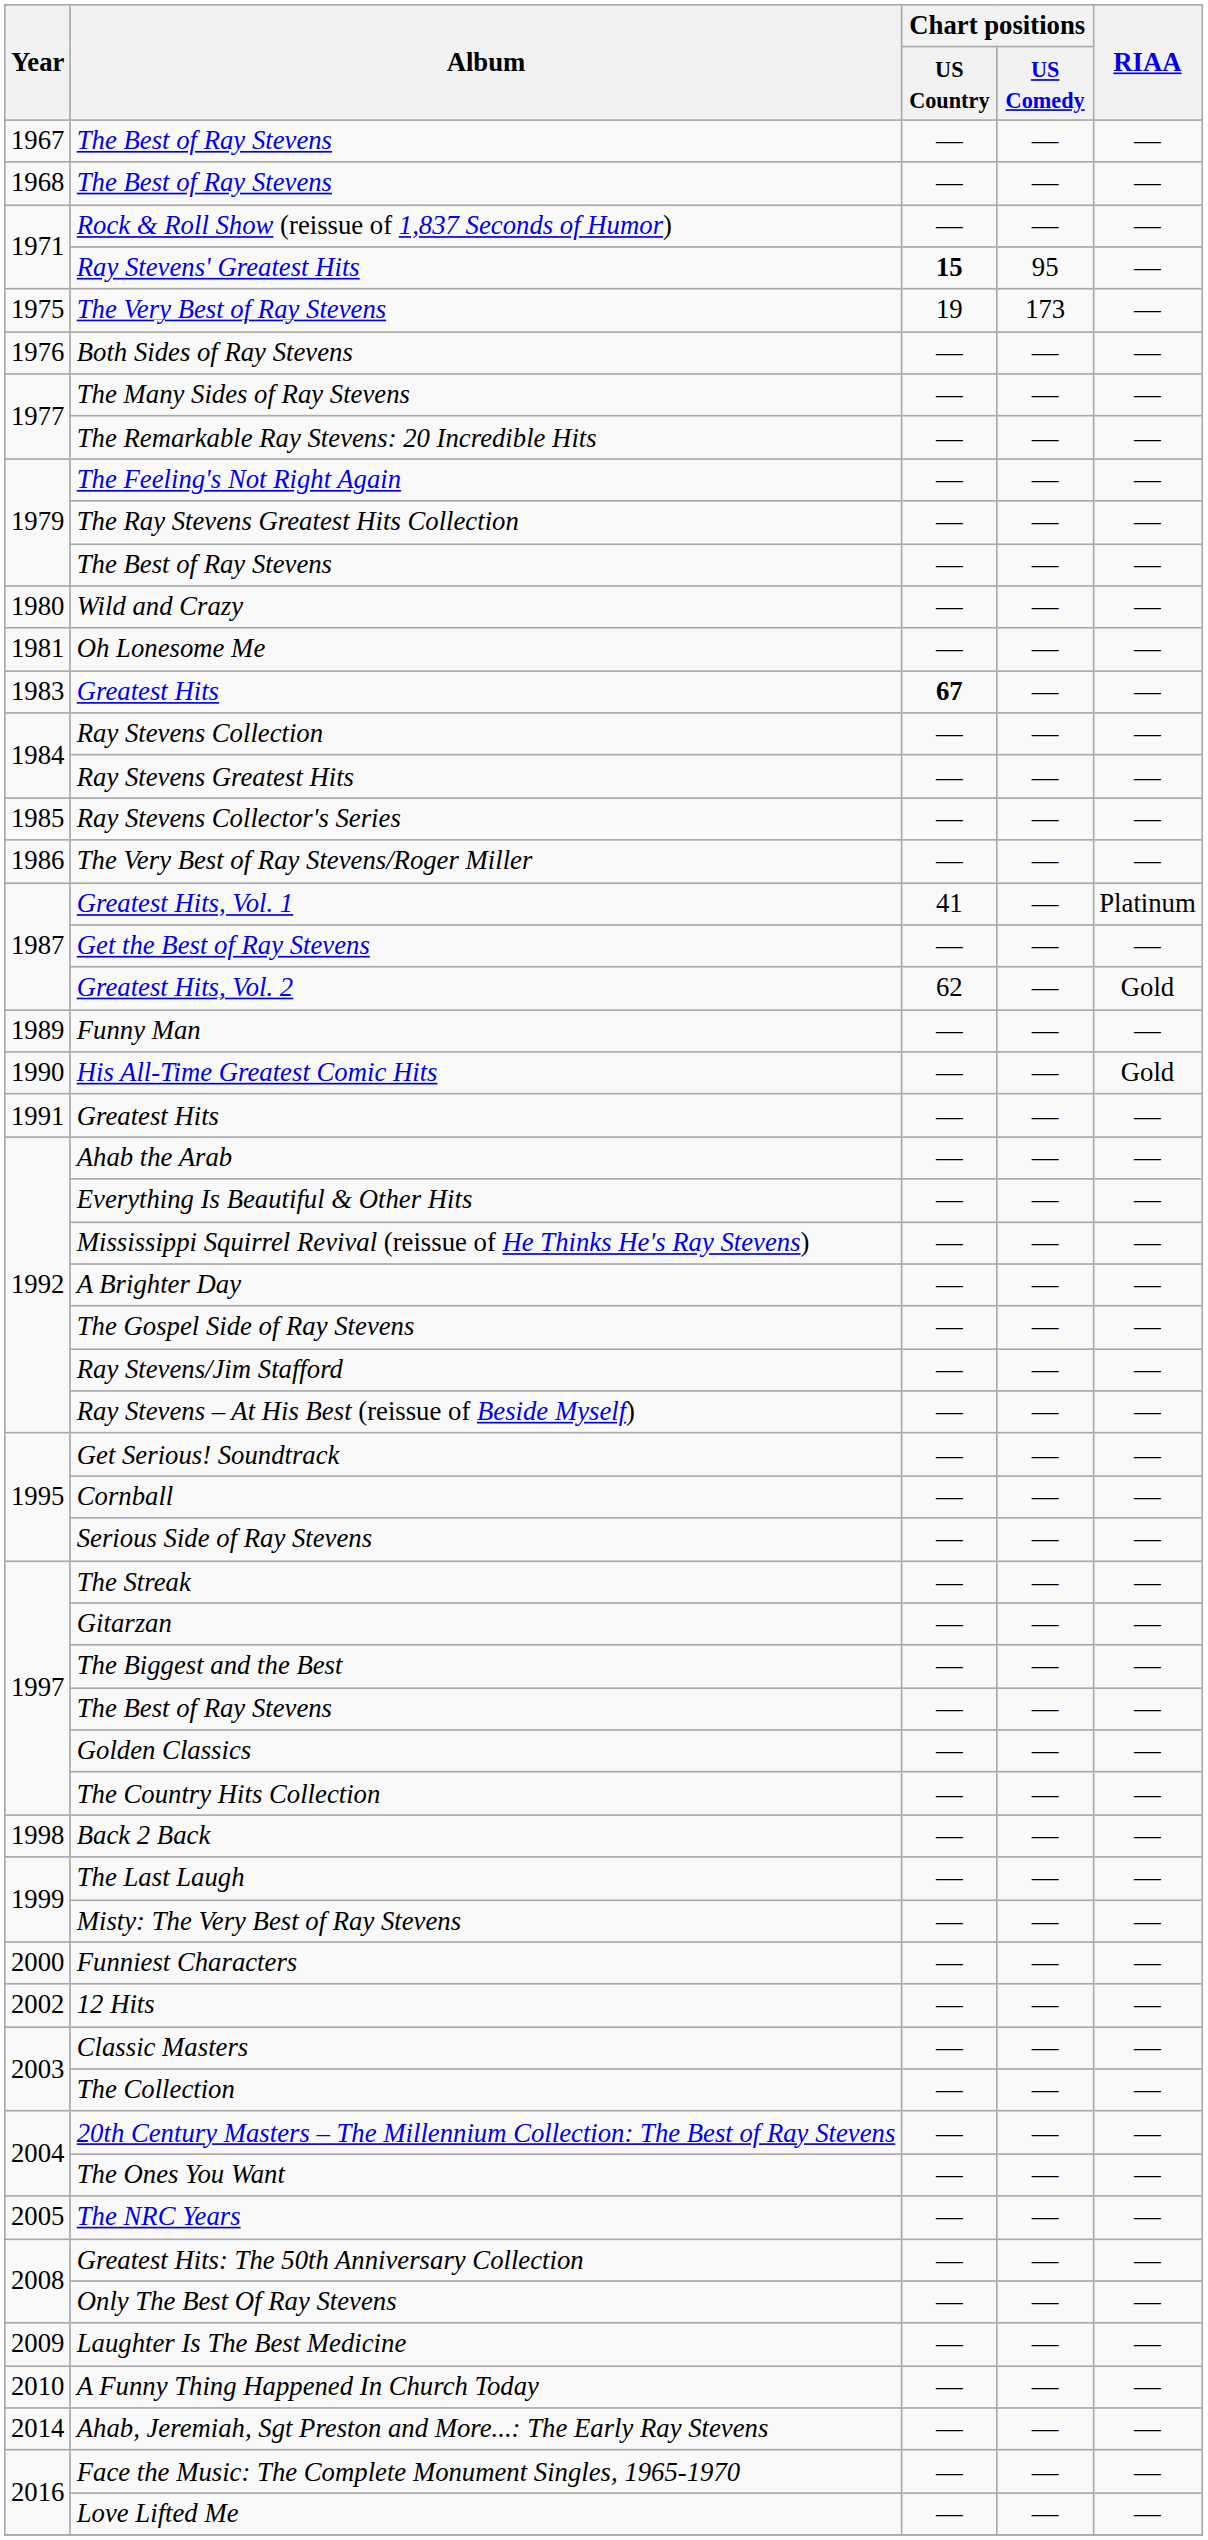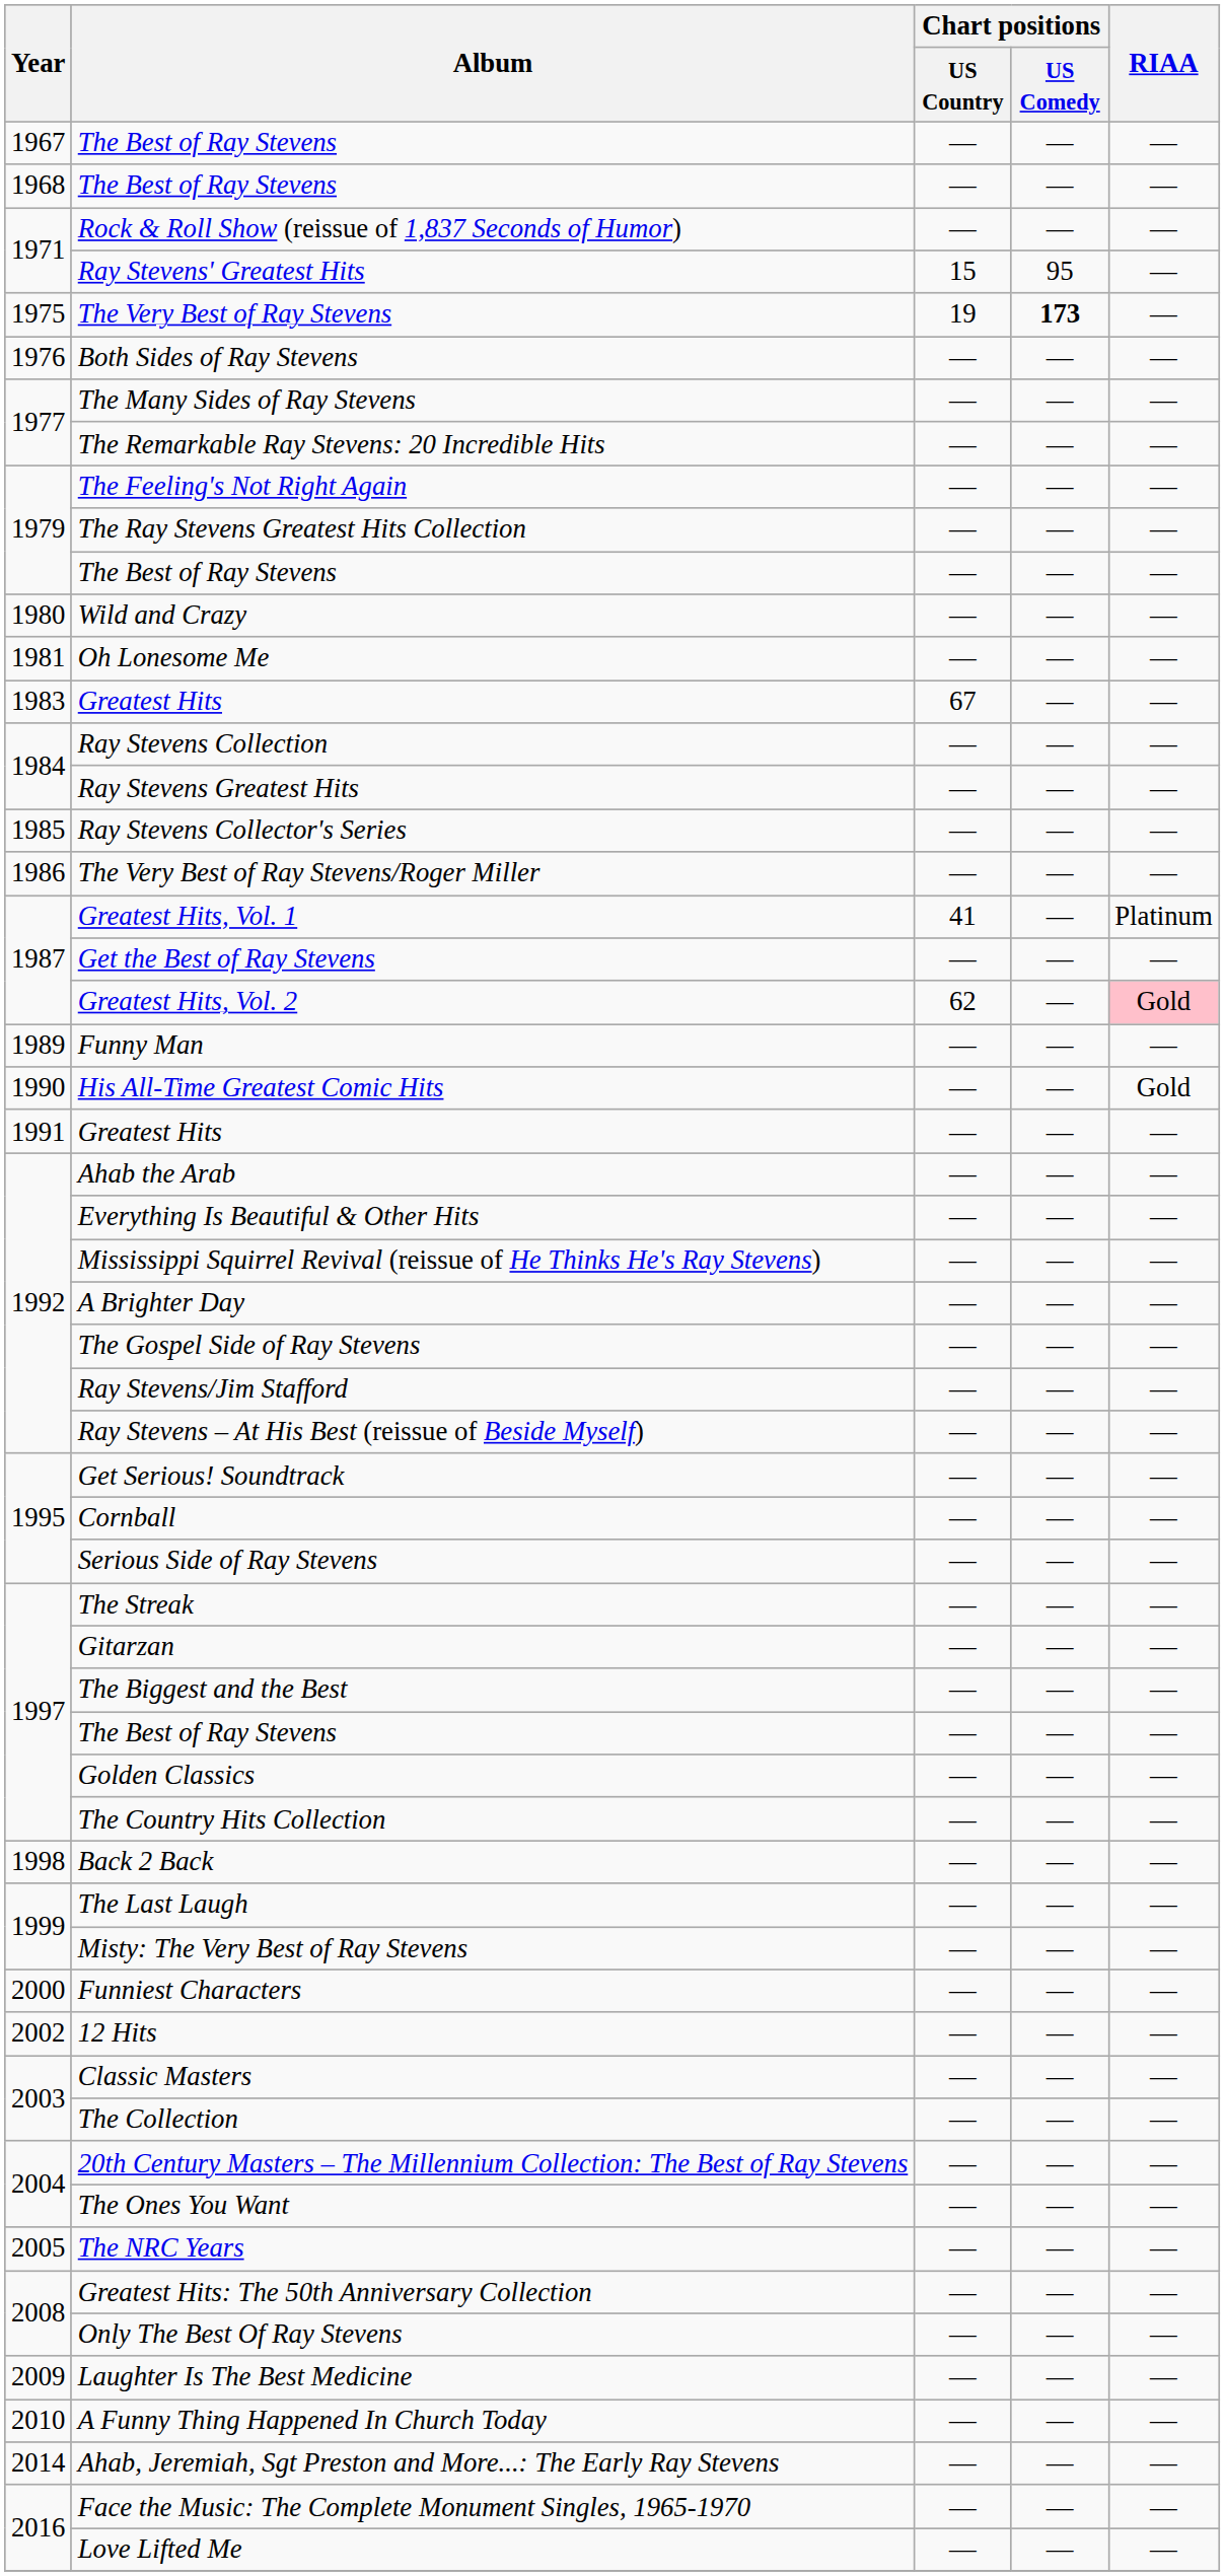 <table class="wikitable">
 <tr>
 <th rowspan="2">Year</th>
 <th rowspan="2">Album</th>
 <th colspan="2">Chart positions</th>
 <th rowspan="2"><a href='#'>RIAA</a></th>
 </tr>
 <tr>
 <th width="50"><small>US Country</small></th>
 <th width="50"><small><a href='#'>US Comedy</a></small></th>
 </tr>
 <tr>
 <td rowspan="1">1967</td>
 <td><em><a href='#'>The Best of Ray Stevens</a></em></td>
 <td align="center">—</td>
 <td align="center">—</td>
 <td align="center">—</td>
 </tr>
 <tr>
 <td rowspan="1">1968</td>
 <td><em><a href='#'>The Best of Ray Stevens</a></em></td>
 <td align="center">—</td>
 <td align="center">—</td>
 <td align="center">—</td>
 </tr>
 <tr>
 <td rowspan="2">1971</td>
 <td><em><a href='#'>Rock & Roll Show</a></em> (reissue of <em><a href='#'>1,837 Seconds of Humor</a></em>)</td>
 <td align="center">—</td>
 <td align="center">—</td>
 <td align="center">—</td>
 </tr>
 <tr>
 <td><em><a href='#'>Ray Stevens' Greatest Hits</a></em></td>
-<td align="center"><strong>15</strong></td>
+<td align="center">15</td>
 <td align="center">95</td>
 <td align="center">—</td>
 </tr>
 <tr>
 <td rowspan=“1”>1975</td>
 <td><em><a href='#'>The Very Best of Ray Stevens</a></em></td>
 <td align="center">19</td>
-<td align="center">173</td>
+<td align="center"><strong>173</strong></td>
 <td align="center">—</td>
 </tr>
 <tr>
 <td rowspan=“1”>1976</td>
 <td><em>Both Sides of Ray Stevens</em></td>
 <td align="center">—</td>
 <td align="center">—</td>
 <td align="center">—</td>
 </tr>
 <tr>
 <td rowspan="2">1977</td>
 <td><em>The Many Sides of Ray Stevens</em></td>
 <td align="center">—</td>
 <td align="center">—</td>
 <td align="center">—</td>
 </tr>
 <tr>
 <td><em>The Remarkable Ray Stevens: 20 Incredible Hits</em></td>
 <td align="center">—</td>
 <td align="center">—</td>
 <td align="center">—</td>
 </tr>
 <tr>
 <td rowspan="3">1979</td>
 <td><em><a href='#'>The Feeling's Not Right Again</a></em></td>
 <td align="center">—</td>
 <td align="center">—</td>
 <td align="center">—</td>
 </tr>
 <tr>
 <td><em>The Ray Stevens Greatest Hits Collection</em></td>
 <td align="center">—</td>
 <td align="center">—</td>
 <td align="center">—</td>
 </tr>
 <tr>
 <td><em>The Best of Ray Stevens</em></td>
 <td align="center">—</td>
 <td align="center">—</td>
 <td align="center">—</td>
 </tr>
 <tr>
 <td rowspan=“1”>1980</td>
 <td><em>Wild and Crazy</em></td>
 <td align="center">—</td>
 <td align="center">—</td>
 <td align="center">—</td>
 </tr>
 <tr>
 <td rowspan=“1”>1981</td>
 <td><em>Oh Lonesome Me</em></td>
 <td align="center">—</td>
 <td align="center">—</td>
 <td align="center">—</td>
 </tr>
 <tr>
 <td rowspan=“1”>1983</td>
 <td><em><a href='#'>Greatest Hits</a></em></td>
-<td align="center"><strong>67</strong></td>
+<td align="center">67</td>
 <td align="center">—</td>
 <td align="center">—</td>
 </tr>
 <tr>
 <td rowspan="2">1984</td>
 <td><em>Ray Stevens Collection</em></td>
 <td align="center">—</td>
 <td align="center">—</td>
 <td align="center">—</td>
 </tr>
 <tr>
 <td><em>Ray Stevens Greatest Hits</em></td>
 <td align="center">—</td>
 <td align="center">—</td>
 <td align="center">—</td>
 </tr>
 <tr>
 <td rowspan="1">1985</td>
 <td><em>Ray Stevens Collector's Series</em></td>
 <td align="center">—</td>
 <td align="center">—</td>
 <td align="center">—</td>
 </tr>
 <tr>
 <td rowspan=“1”>1986</td>
 <td><em>The Very Best of Ray Stevens/Roger Miller</em></td>
 <td align="center">—</td>
 <td align="center">—</td>
 <td align="center">—</td>
 </tr>
 <tr>
 <td rowspan="3">1987</td>
 <td><em><a href='#'>Greatest Hits, Vol. 1</a></em></td>
 <td align="center">41</td>
 <td align="center">—</td>
 <td align="center">Platinum</td>
 </tr>
 <tr>
 <td><em><a href='#'>Get the Best of Ray Stevens</a></em></td>
 <td align="center">—</td>
 <td align="center">—</td>
 <td align="center">—</td>
 </tr>
 <tr>
 <td><em><a href='#'>Greatest Hits, Vol. 2</a></em></td>
 <td align="center">62</td>
 <td align="center">—</td>
-<td align="center">Gold</td>
+<td align="center" style="background: pink;">Gold</td>
 </tr>
 <tr>
 <td rowspan="1">1989</td>
 <td><em>Funny Man</em></td>
 <td align="center">—</td>
 <td align="center">—</td>
 <td align="center">—</td>
 </tr>
 <tr>
 <td rowspan="1">1990</td>
 <td><em><a href='#'>His All-Time Greatest Comic Hits</a></em></td>
 <td align="center">—</td>
 <td align="center">—</td>
 <td align="center">Gold</td>
 </tr>
 <tr>
 <td rowspan="1">1991</td>
 <td><em>Greatest Hits</em></td>
 <td align="center">—</td>
 <td align="center">—</td>
 <td align="center">—</td>
 </tr>
 <tr>
 <td rowspan="7">1992</td>
 <td><em>Ahab the Arab</em></td>
 <td align="center">—</td>
 <td align="center">—</td>
 <td align="center">—</td>
 </tr>
 <tr>
 <td><em>Everything Is Beautiful & Other Hits</em></td>
 <td align="center">—</td>
 <td align="center">—</td>
 <td align="center">—</td>
 </tr>
 <tr>
 <td><em>Mississippi Squirrel Revival</em> (reissue of <em><a href='#'>He Thinks He's Ray Stevens</a></em>)</td>
 <td align="center">—</td>
 <td align="center">—</td>
 <td align="center">—</td>
 </tr>
 <tr>
 <td><em>A Brighter Day</em></td>
 <td align="center">—</td>
 <td align="center">—</td>
 <td align="center">—</td>
 </tr>
 <tr>
 <td><em>The Gospel Side of Ray Stevens</em></td>
 <td align="center">—</td>
 <td align="center">—</td>
 <td align="center">—</td>
 </tr>
 <tr>
 <td><em>Ray Stevens/Jim Stafford</em></td>
 <td align="center">—</td>
 <td align="center">—</td>
 <td align="center">—</td>
 </tr>
 <tr>
 <td><em>Ray Stevens – At His Best</em> (reissue of <em><a href='#'>Beside Myself</a></em>)</td>
 <td align="center">—</td>
 <td align="center">—</td>
 <td align="center">—</td>
 </tr>
 <tr>
 <td rowspan="3">1995</td>
 <td><em>Get Serious! Soundtrack</em></td>
 <td align="center">—</td>
 <td align="center">—</td>
 <td align="center">—</td>
 </tr>
 <tr>
 <td><em>Cornball</em></td>
 <td align="center">—</td>
 <td align="center">—</td>
 <td align="center">—</td>
 </tr>
 <tr>
 <td><em>Serious Side of Ray Stevens</em></td>
 <td align="center">—</td>
 <td align="center">—</td>
 <td align="center">—</td>
 </tr>
 <tr>
 <td rowspan="6">1997</td>
 <td><em>The Streak</em></td>
 <td align="center">—</td>
 <td align="center">—</td>
 <td align="center">—</td>
 </tr>
 <tr>
 <td><em>Gitarzan</em></td>
 <td align="center">—</td>
 <td align="center">—</td>
 <td align="center">—</td>
 </tr>
 <tr>
 <td><em>The Biggest and the Best</em></td>
 <td align="center">—</td>
 <td align="center">—</td>
 <td align="center">—</td>
 </tr>
 <tr>
 <td><em>The Best of Ray Stevens</em></td>
 <td align="center">—</td>
 <td align="center">—</td>
 <td align="center">—</td>
 </tr>
 <tr>
 <td><em>Golden Classics</em></td>
 <td align="center">—</td>
 <td align="center">—</td>
 <td align="center">—</td>
 </tr>
 <tr>
 <td><em>The Country Hits Collection</em></td>
 <td align="center">—</td>
 <td align="center">—</td>
 <td align="center">—</td>
 </tr>
 <tr>
 <td rowspan="1">1998</td>
 <td><em>Back 2 Back</em></td>
 <td align="center">—</td>
 <td align="center">—</td>
 <td align="center">—</td>
 </tr>
 <tr>
 <td rowspan="2">1999</td>
 <td><em>The Last Laugh</em></td>
 <td align="center">—</td>
 <td align="center">—</td>
 <td align="center">—</td>
 </tr>
 <tr>
 <td><em>Misty: The Very Best of Ray Stevens</em></td>
 <td align="center">—</td>
 <td align="center">—</td>
 <td align="center">—</td>
 </tr>
 <tr>
 <td>2000</td>
 <td><em>Funniest Characters</em></td>
 <td align="center">—</td>
 <td align="center">—</td>
 <td align="center">—</td>
 </tr>
 <tr>
 <td rowspan="1">2002</td>
 <td><em>12 Hits</em></td>
 <td align="center">—</td>
 <td align="center">—</td>
 <td align="center">—</td>
 </tr>
 <tr>
 <td rowspan="2">2003</td>
 <td><em>Classic Masters</em></td>
 <td align="center">—</td>
 <td align="center">—</td>
 <td align="center">—</td>
 </tr>
 <tr>
 <td><em>The Collection</em></td>
 <td align="center">—</td>
 <td align="center">—</td>
 <td align="center">—</td>
 </tr>
 <tr>
 <td rowspan="2">2004</td>
 <td><em><a href='#'>20th Century Masters – The Millennium Collection: The Best of Ray Stevens</a></em></td>
 <td align="center">—</td>
 <td align="center">—</td>
 <td align="center">—</td>
 </tr>
 <tr>
 <td><em>The Ones You Want</em></td>
 <td align="center">—</td>
 <td align="center">—</td>
 <td align="center">—</td>
 </tr>
 <tr>
 <td rowspan="1">2005</td>
 <td><em><a href='#'>The NRC Years</a></em></td>
 <td align="center">—</td>
 <td align="center">—</td>
 <td align="center">—</td>
 </tr>
 <tr>
 <td rowspan="2">2008</td>
 <td><em>Greatest Hits: The 50th Anniversary Collection</em></td>
 <td align="center">—</td>
 <td align="center">—</td>
 <td align="center">—</td>
 </tr>
 <tr>
 <td><em>Only The Best Of Ray Stevens</em></td>
 <td align="center">—</td>
 <td align="center">—</td>
 <td align="center">—</td>
 </tr>
 <tr>
 <td rowspan="1">2009</td>
 <td><em>Laughter Is The Best Medicine</em></td>
 <td align="center">—</td>
 <td align="center">—</td>
 <td align="center">—</td>
 </tr>
 <tr>
 <td rowspan="1">2010</td>
 <td><em>A Funny Thing Happened In Church Today</em></td>
 <td align="center">—</td>
 <td align="center">—</td>
 <td align="center">—</td>
 </tr>
 <tr>
 <td rowspan="1">2014</td>
 <td><em>Ahab, Jeremiah, Sgt Preston and More...: The Early Ray Stevens</em></td>
 <td align="center">—</td>
 <td align="center">—</td>
 <td align="center">—</td>
 </tr>
 <tr>
 <td rowspan="2">2016</td>
 <td><em>Face the Music: The Complete Monument Singles, 1965-1970</em></td>
 <td align="center">—</td>
 <td align="center">—</td>
 <td align="center">—</td>
 </tr>
 <tr>
 <td><em>Love Lifted Me</em></td>
 <td align="center">—</td>
 <td align="center">—</td>
 <td align="center">—</td>
 </tr>
 <tr>
 </tr>
 </table>
